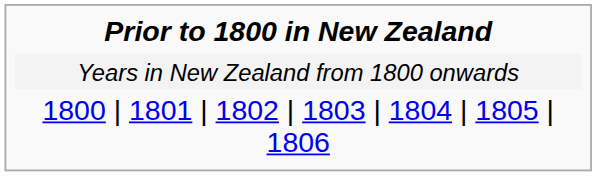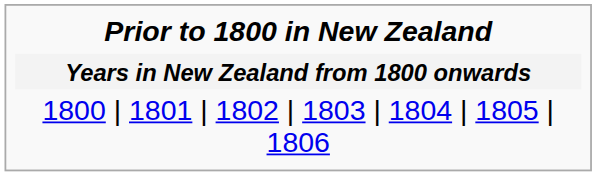 <table class="infobox" width=330>
 <tr>
 <td align="center"> <strong><em>Prior to 1800 in New Zealand</em></strong> </td>
 </tr>
 <tr style="background-color:#f3f3f3">
-<td align="center"><small><em>Years in New Zealand from 1800 onwards</em></small></td>
+<td align="center"><strong><small><em>Years in New Zealand from 1800 onwards</em></small></strong></td>
 </tr>
 <tr>
 <td align="center"><a href='#'>1800</a> | <a href='#'>1801</a> | <a href='#'>1802</a> | <a href='#'>1803</a> | <a href='#'>1804</a> | <a href='#'>1805</a> | <a href='#'>1806</a></td>
 </tr>
 </table>
